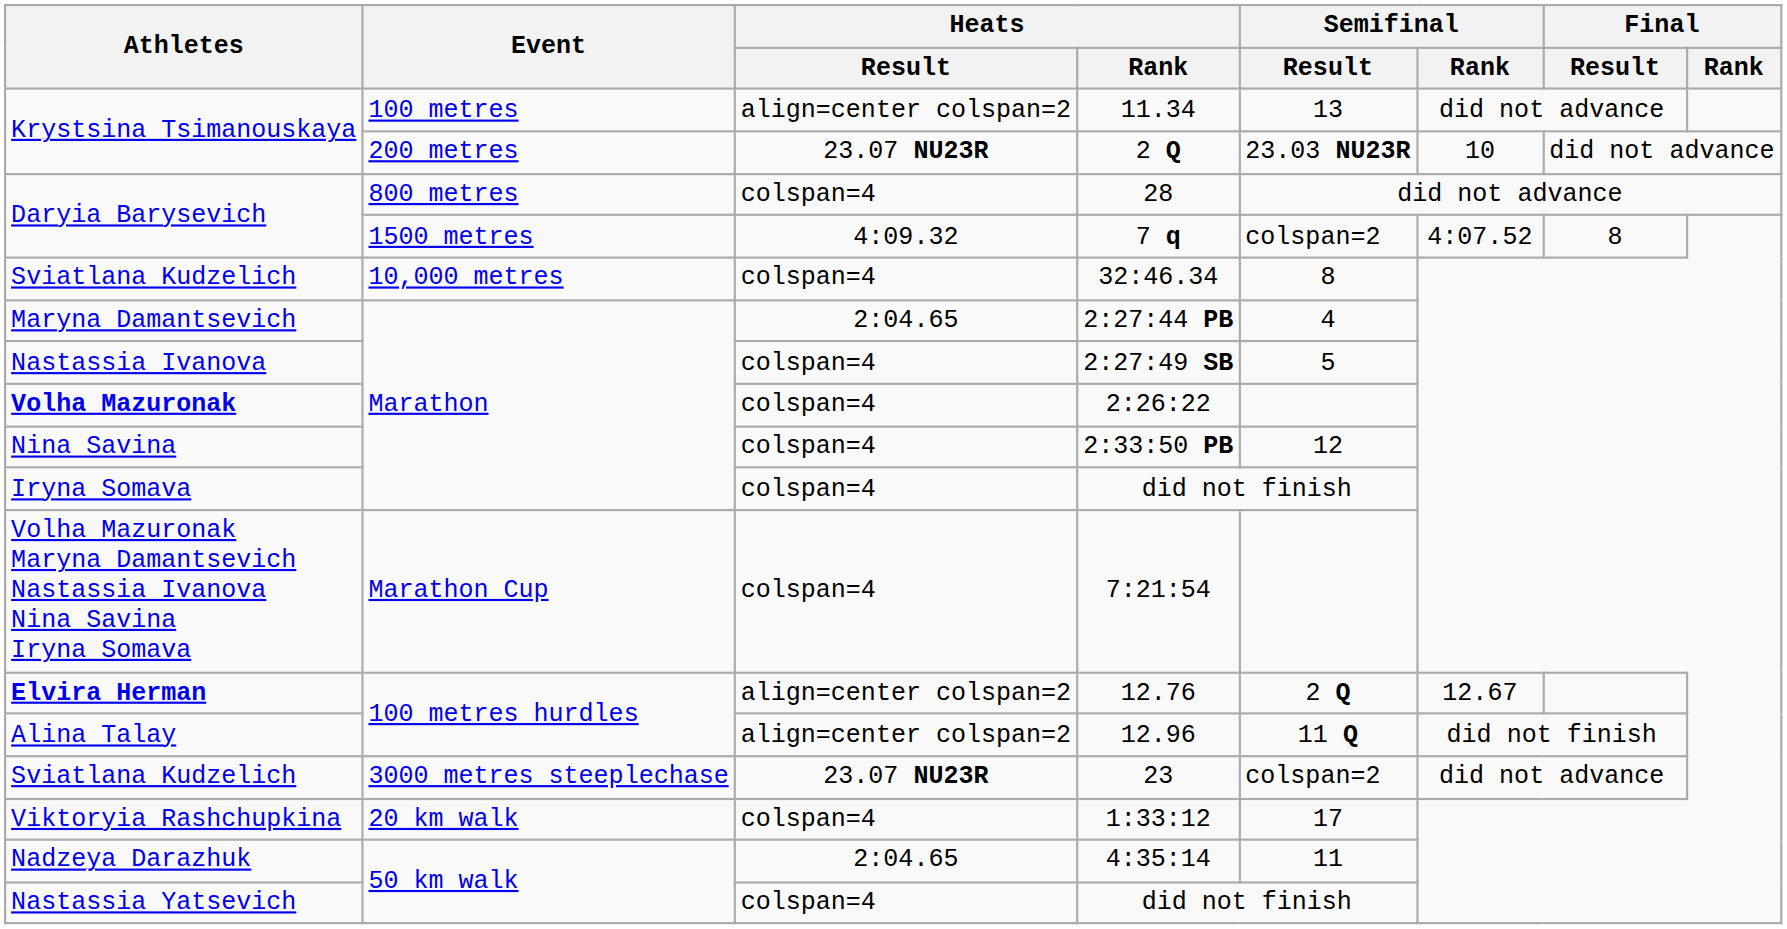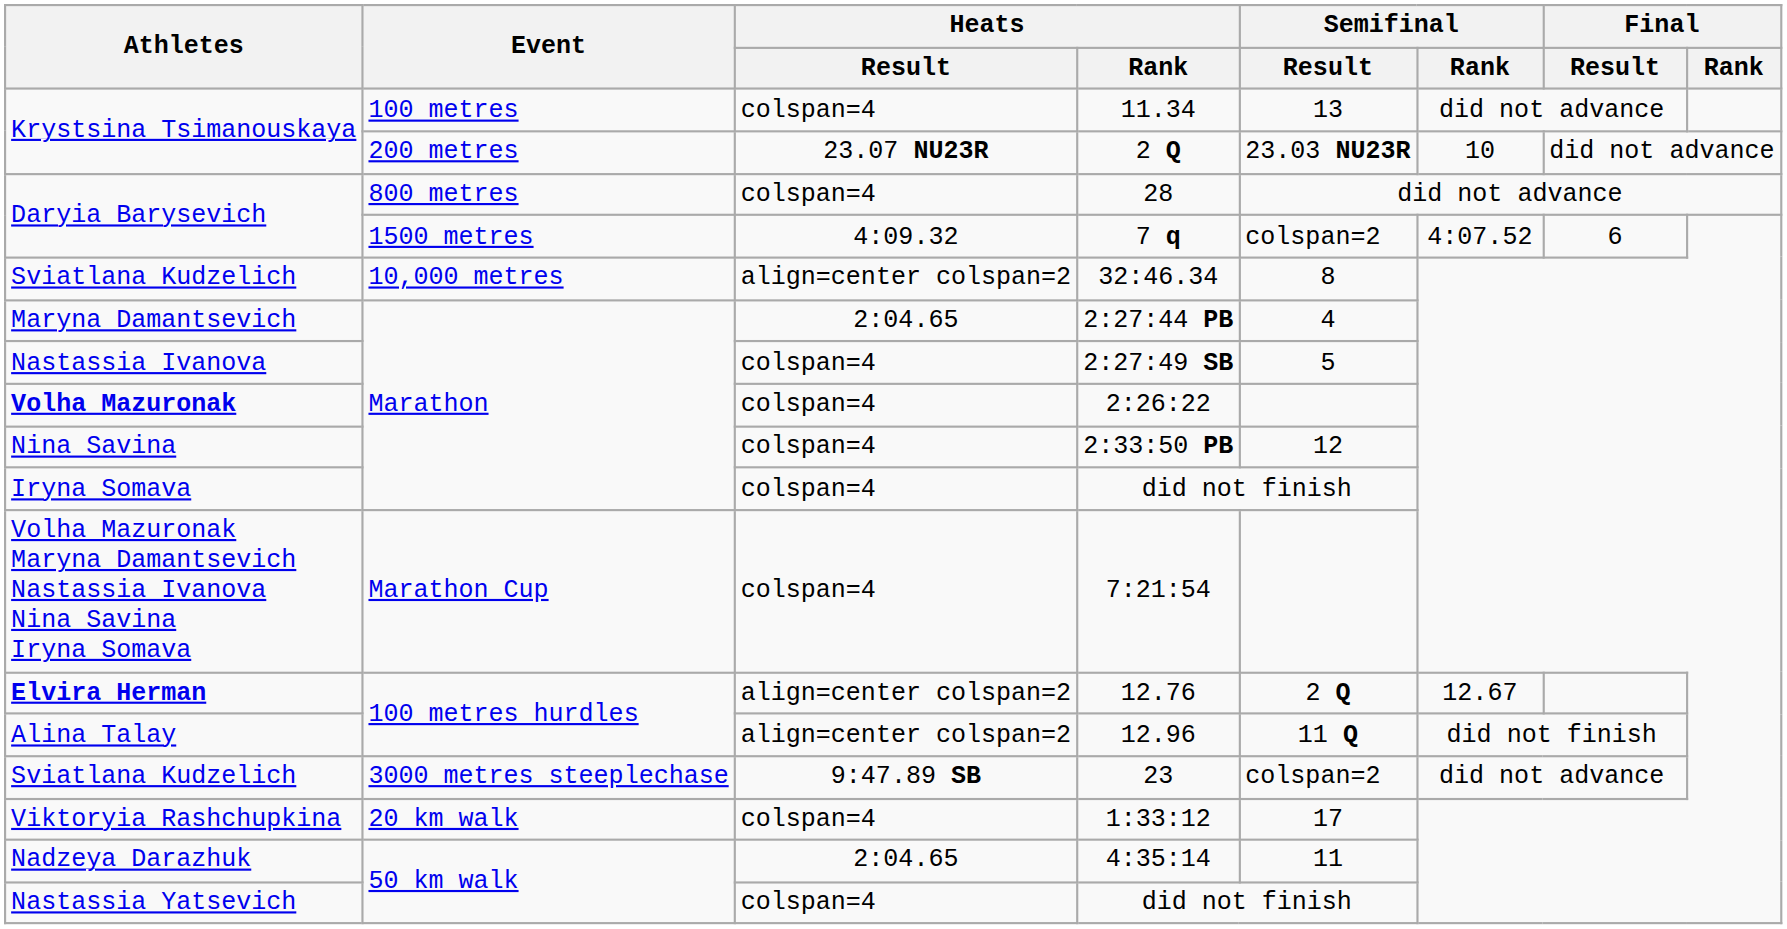 <table class="wikitable" border="1" style="font-size:90%">
 <tr>
 <th rowspan="2">Athletes</th>
 <th rowspan="2">Event</th>
 <th colspan="2">Heats</th>
 <th colspan="2">Semifinal</th>
 <th colspan="2">Final</th>
 </tr>
 <tr>
 <th>Result</th>
 <th>Rank</th>
 <th>Result</th>
 <th>Rank</th>
 <th>Result</th>
 <th>Rank</th>
 </tr>
 <tr>
 <td rowspan=2><a href='#'>Krystsina Tsimanouskaya</a></td>
 <td><a href='#'>100 metres</a></td>
-<td>align=center colspan=2 </td>
+<td>colspan=4</td>
 <td align=center>11.34</td>
 <td align=center>13</td>
 <td align=center colspan=2>did not advance</td>
 </tr>
 <tr>
 <td><a href='#'>200 metres</a></td>
 <td align=center>23.07 <strong>NU23R</strong></td>
 <td align=center>2 <strong>Q</strong></td>
 <td align=center>23.03 <strong>NU23R</strong></td>
 <td align=center>10</td>
 <td align=center colspan=2>did not advance</td>
 </tr>
 <tr>
 <td rowspan=2><a href='#'>Daryia Barysevich</a></td>
 <td><a href='#'>800 metres</a></td>
 <td>colspan=4</td>
 <td align=center>28</td>
 <td align=center colspan=4>did not advance</td>
 </tr>
 <tr>
 <td><a href='#'>1500 metres</a></td>
 <td align=center>4:09.32</td>
 <td align=center>7 <strong>q</strong></td>
 <td>colspan=2</td>
 <td align=center>4:07.52</td>
-<td align=center>8</td>
+<td align=center>6</td>
 </tr>
 <tr>
 <td><a href='#'>Sviatlana Kudzelich</a></td>
 <td><a href='#'>10,000 metres</a></td>
-<td>colspan=4</td>
+<td>align=center colspan=2 </td>
 <td align=center>32:46.34</td>
 <td align=center>8</td>
 </tr>
 <tr>
 <td><a href='#'>Maryna Damantsevich</a></td>
 <td rowspan=5><a href='#'>Marathon</a></td>
 <td align=center>2:04.65</td>
 <td align=center>2:27:44 <strong>PB</strong></td>
 <td align=center>4</td>
 </tr>
 <tr>
 <td><a href='#'>Nastassia Ivanova</a></td>
 <td>colspan=4</td>
 <td align=center>2:27:49 <strong>SB</strong></td>
 <td align=center>5</td>
 </tr>
 <tr>
 <td><strong><a href='#'>Volha Mazuronak</a></strong></td>
 <td>colspan=4</td>
 <td align=center>2:26:22</td>
 <td align=center></td>
 </tr>
 <tr>
 <td><a href='#'>Nina Savina</a></td>
 <td>colspan=4</td>
 <td align=center>2:33:50 <strong>PB</strong></td>
 <td align=center>12</td>
 </tr>
 <tr>
 <td><a href='#'>Iryna Somava</a></td>
 <td>colspan=4</td>
 <td align=center colspan=2>did not finish</td>
 </tr>
 <tr>
 <td><a href='#'>Volha Mazuronak</a><br><a href='#'>Maryna Damantsevich</a><br><a href='#'>Nastassia Ivanova</a><br><a href='#'>Nina Savina</a><br><a href='#'>Iryna Somava</a></td>
 <td><a href='#'>Marathon Cup</a></td>
 <td>colspan=4</td>
 <td align=center>7:21:54</td>
 <td align=center></td>
 </tr>
 <tr>
 <td><strong><a href='#'>Elvira Herman</a></strong></td>
 <td rowspan=2><a href='#'>100 metres hurdles</a></td>
 <td>align=center colspan=2</td>
 <td align=center>12.76</td>
 <td align=center>2 <strong>Q</strong></td>
 <td align=center>12.67</td>
 <td align=center></td>
 </tr>
 <tr>
 <td><a href='#'>Alina Talay</a></td>
 <td>align=center colspan=2</td>
 <td align=center>12.96</td>
 <td align=center>11 <strong>Q</strong></td>
 <td align=center colspan=2>did not finish</td>
 </tr>
 <tr>
 <td><a href='#'>Sviatlana Kudzelich</a></td>
 <td><a href='#'>3000 metres steeplechase</a></td>
-<td align=center>23.07 <strong>NU23R</strong></td>
+<td align=center>9:47.89 <strong>SB</strong></td>
 <td align=center>23</td>
 <td>colspan=2</td>
 <td align=center colspan=2>did not advance</td>
 </tr>
 <tr>
 <td><a href='#'>Viktoryia Rashchupkina</a></td>
 <td><a href='#'>20 km walk</a></td>
 <td>colspan=4</td>
 <td align=center>1:33:12</td>
 <td align=center>17</td>
 </tr>
 <tr>
 <td><a href='#'>Nadzeya Darazhuk</a></td>
 <td rowspan=2><a href='#'>50 km walk</a></td>
 <td align=center>2:04.65</td>
 <td align=center>4:35:14</td>
 <td align=center>11</td>
 </tr>
 <tr>
 <td><a href='#'>Nastassia Yatsevich</a></td>
 <td>colspan=4</td>
 <td align=center colspan=2>did not finish</td>
 </tr>
 </table>
